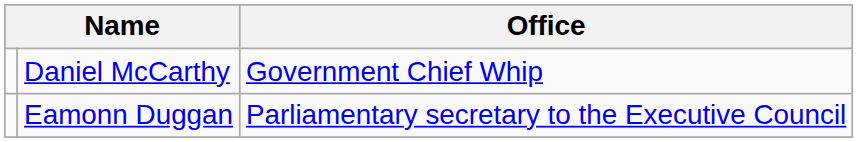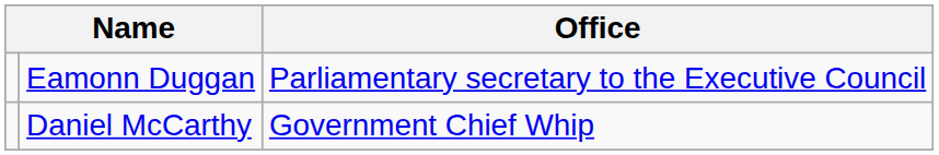 <table class="wikitable">
 <tr>
 <th colspan="2">Name</th>
 <th>Office</th>
 </tr>
 <tr>
 <td style="background-color: "></td>
+<td><a href='#'>Eamonn Duggan</a></td>
+<td><a href='#'>Parliamentary secretary to the Executive Council</a></td>
+</tr>
+<tr>
+<td style="background-color: "></td>
 <td><a href='#'>Daniel McCarthy</a></td>
 <td><a href='#'>Government Chief Whip</a></td>
 </tr>
-<tr>
-<td style="background-color: "></td>
-<td><a href='#'>Eamonn Duggan</a></td>
-<td><a href='#'>Parliamentary secretary to the Executive Council</a></td>
-</tr>
 </table>
